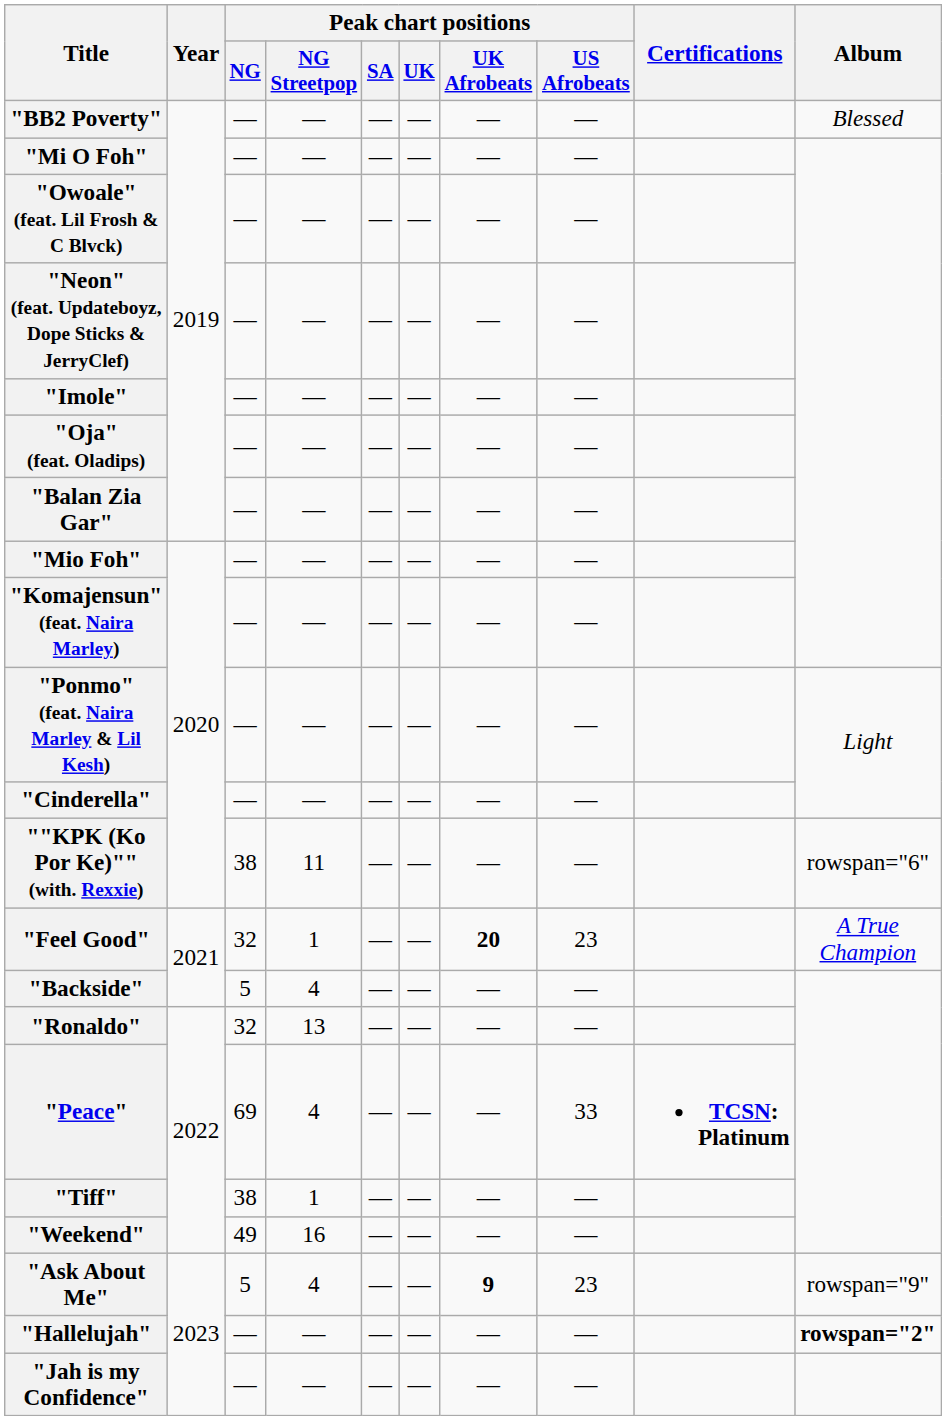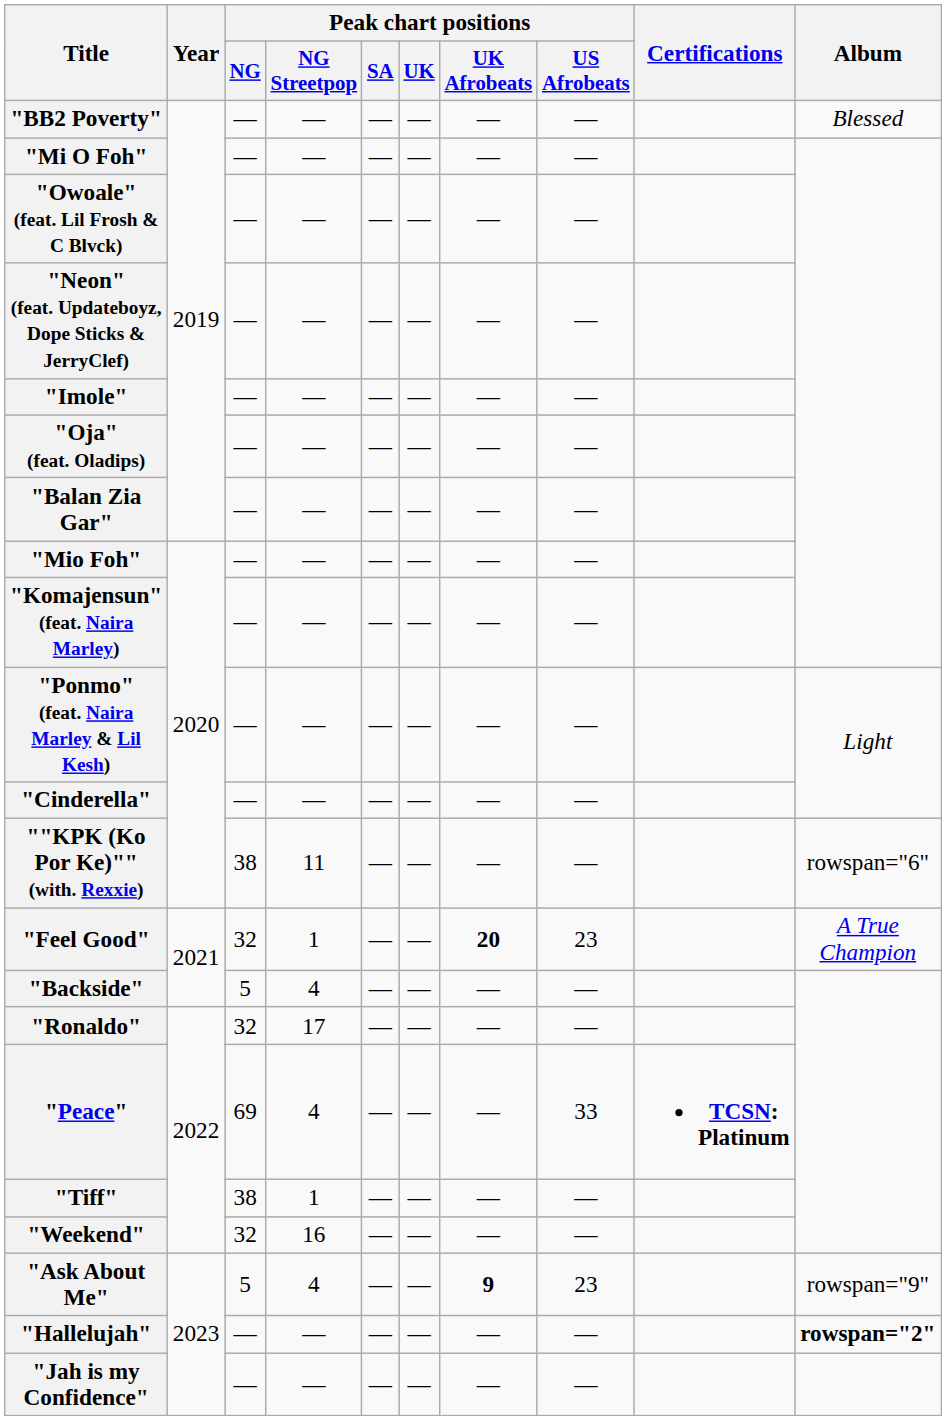 <table class="wikitable plainrowheaders" style="text-align:center;">
 <tr>
 <th scope="col" rowspan="2" style="width:18em;">Title</th>
 <th scope="col" rowspan="2" style="width:1em;">Year</th>
 <th colspan="6" scope="col">Peak chart positions</th>
 <th scope="col" rowspan="2" style="width:12em;"><a href='#'>Certifications</a></th>
 <th scope="col" rowspan="2" style="width:15em;">Album</th>
 </tr>
 <tr>
 <th scope="col" style="width:3em;font-size:90%;"><a href='#'>NG</a><br></th>
 <th scope="col" style="width:3em;font-size:90%;"><a href='#'>NG<br>Streetpop</a></th>
 <th scope="col" style="width:3em;font-size:90%;"><a href='#'>SA</a><br></th>
 <th scope="col" style="width:3em;font-size:90%;"><a href='#'>UK</a><br></th>
 <th scope="col" style="width:3em;font-size:90%;"><a href='#'>UK<br>Afrobeats</a></th>
 <th scope="col" style="width:3em;font-size:90%;"><a href='#'>US<br>Afrobeats</a></th>
 </tr>
 <tr>
 <th scope="row">"BB2 Poverty"</th>
 <td rowspan="7">2019</td>
 <td>—</td>
 <td>—</td>
 <td>—</td>
 <td>—</td>
 <td>—</td>
 <td>—</td>
 <td></td>
 <td><em>Blessed</em></td>
 </tr>
 <tr>
 <th scope="row">"Mi O Foh"</th>
 <td>—</td>
 <td>—</td>
 <td>—</td>
 <td>—</td>
 <td>—</td>
 <td>—</td>
 <td></td>
 </tr>
 <tr>
 <th scope="row">"Owoale" <br><small>(feat. Lil Frosh & C Blvck)</small></th>
 <td>—</td>
 <td>—</td>
 <td>—</td>
 <td>—</td>
 <td>—</td>
 <td>—</td>
 <td></td>
 </tr>
 <tr>
 <th scope="row">"Neon" <br><small>(feat. Updateboyz, Dope Sticks & JerryClef)</small></th>
 <td>—</td>
 <td>—</td>
 <td>—</td>
 <td>—</td>
 <td>—</td>
 <td>—</td>
 <td></td>
 </tr>
 <tr>
 <th scope="row">"Imole"</th>
 <td>—</td>
 <td>—</td>
 <td>—</td>
 <td>—</td>
 <td>—</td>
 <td>—</td>
 <td></td>
 </tr>
 <tr>
 <th scope="row">"Oja" <br><small>(feat. Oladips)</small></th>
 <td>—</td>
 <td>—</td>
 <td>—</td>
 <td>—</td>
 <td>—</td>
 <td>—</td>
 <td></td>
 </tr>
 <tr>
 <th scope="row">"Balan Zia Gar"</th>
 <td>—</td>
 <td>—</td>
 <td>—</td>
 <td>—</td>
 <td>—</td>
 <td>—</td>
 <td></td>
 </tr>
 <tr>
 <th scope="row">"Mio Foh"</th>
 <td rowspan="5">2020</td>
 <td>—</td>
 <td>—</td>
 <td>—</td>
 <td>—</td>
 <td>—</td>
 <td>—</td>
 <td></td>
 </tr>
 <tr>
 <th scope="row">"Komajensun" <br><small>(feat. <a href='#'>Naira Marley</a>)</small></th>
 <td>—</td>
 <td>—</td>
 <td>—</td>
 <td>—</td>
 <td>—</td>
 <td>—</td>
 <td></td>
 </tr>
 <tr>
 <th scope="row">"Ponmo" <br><small>(feat. <a href='#'>Naira Marley</a> & <a href='#'>Lil Kesh</a>)</small></th>
 <td>—</td>
 <td>—</td>
 <td>—</td>
 <td>—</td>
 <td>—</td>
 <td>—</td>
 <td></td>
 <td rowspan="2"><em>Light</em></td>
 </tr>
 <tr>
 <th scope="row">"Cinderella"</th>
 <td>—</td>
 <td>—</td>
 <td>—</td>
 <td>—</td>
 <td>—</td>
 <td>—</td>
 <td></td>
 </tr>
 <tr>
 <th scope="row">""KPK (Ko Por Ke)"" <br><small> (with. <a href='#'>Rexxie</a>)</small></th>
 <td>38</td>
 <td>11</td>
 <td>—</td>
 <td>—</td>
 <td>—</td>
 <td>—</td>
 <td></td>
 <td>rowspan="6" <em></em></td>
 </tr>
 <tr>
 <th scope="row">"Feel Good"</th>
 <td rowspan="2">2021</td>
 <td>32</td>
 <td>1</td>
 <td>—</td>
 <td>—</td>
 <td><strong>20</strong></td>
 <td>23</td>
 <td></td>
 <td><em><a href='#'>A True Champion</a></em></td>
 </tr>
 <tr>
 <th scope="row">"Backside"</th>
 <td>5</td>
 <td>4</td>
 <td>—</td>
 <td>—</td>
 <td>—</td>
 <td>—</td>
 <td></td>
 </tr>
 <tr>
 <th scope="row">"Ronaldo"</th>
 <td rowspan="4">2022</td>
 <td>32</td>
-<td>13</td>
+<td>17</td>
 <td>—</td>
 <td>—</td>
 <td>—</td>
 <td>—</td>
 <td></td>
 </tr>
 <tr>
 <th scope="row">"<a href='#'>Peace</a>"</th>
 <td>69</td>
 <td>4</td>
 <td>—</td>
 <td>—</td>
 <td>—</td>
 <td>33</td>
 <td><strong><br><ul><li><a href='#'>TCSN</a>: Platinum</li></ul></strong></td>
 </tr>
 <tr>
 <th scope="row">"Tiff"</th>
 <td>38</td>
 <td>1</td>
 <td>—</td>
 <td>—</td>
 <td>—</td>
 <td>—</td>
 <td></td>
 </tr>
 <tr>
 <th scope="row">"Weekend"</th>
-<td>49</td>
+<td>32</td>
 <td>16</td>
 <td>—</td>
 <td>—</td>
 <td>—</td>
 <td>—</td>
 <td></td>
 </tr>
 <tr>
 <th scope="row">"Ask About Me"</th>
 <td rowspan="3">2023</td>
 <td>5</td>
 <td>4</td>
 <td>—</td>
 <td>—</td>
 <td><strong>9</strong></td>
 <td>23</td>
 <td></td>
 <td>rowspan="9" <em></em></td>
 </tr>
 <tr>
 <th scope="row">"Hallelujah"</th>
 <td>—</td>
 <td>—</td>
 <td>—</td>
 <td>—</td>
 <td>—</td>
 <td>—</td>
 <td></td>
 <td><strong>rowspan="2" <em></em></strong></td>
 </tr>
 <tr>
 <th scope="row">"Jah is my Confidence"</th>
 <td>—</td>
 <td>—</td>
 <td>—</td>
 <td>—</td>
 <td>—</td>
 <td>—</td>
 <td></td>
 </tr>
 </table>
